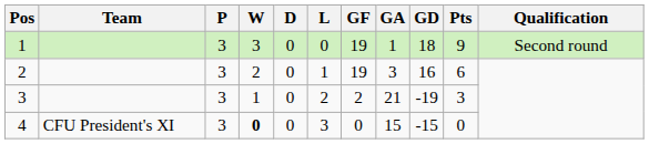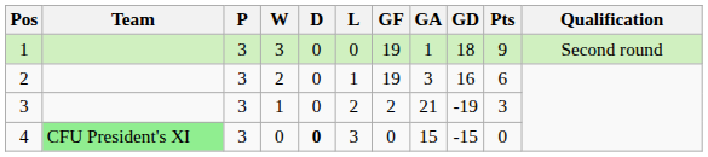 <table class="wikitable" border="1">
 <tr>
 <th width="25"><abbr>Pos</abbr></th>
 <th width="150">Team</th>
 <th width="25">P</th>
 <th width="25">W</th>
 <th width="25">D</th>
 <th width="25">L</th>
 <th width="25"><abbr>GF</abbr></th>
 <th width="25"><abbr>GA</abbr></th>
 <th width="25"><abbr>GD</abbr></th>
 <th width="25"><abbr>Pts</abbr></th>
 <th width="150">Qualification</th>
 </tr>
 <tr bgcolor= #D0F0C0>
 <td align="center">1</td>
 <td></td>
 <td align="center">3</td>
 <td align="center">3</td>
 <td align="center">0</td>
 <td align="center">0</td>
 <td align="center">19</td>
 <td align="center">1</td>
 <td align="center">18</td>
 <td align="center">9</td>
 <td align="center">Second round</td>
 </tr>
 <tr>
 <td align="center">2</td>
 <td></td>
 <td align="center">3</td>
 <td align="center">2</td>
 <td align="center">0</td>
 <td align="center">1</td>
 <td align="center">19</td>
 <td align="center">3</td>
 <td align="center">16</td>
 <td align="center">6</td>
 </tr>
 <tr>
 <td align="center">3</td>
 <td></td>
 <td align="center">3</td>
 <td align="center">1</td>
 <td align="center">0</td>
 <td align="center">2</td>
 <td align="center">2</td>
 <td align="center">21</td>
 <td align="center">-19</td>
 <td align="center">3</td>
 </tr>
 <tr>
 <td align="center">4</td>
-<td>CFU President's XI</td>
+<td style="background: lightgreen;">CFU President's XI</td>
 <td align="center">3</td>
+<td align="center">0</td>
 <td align="center"><strong>0</strong></td>
-<td align="center">0</td>
 <td align="center">3</td>
 <td align="center">0</td>
 <td align="center">15</td>
 <td align="center">-15</td>
 <td align="center">0</td>
 </tr>
 </table>
